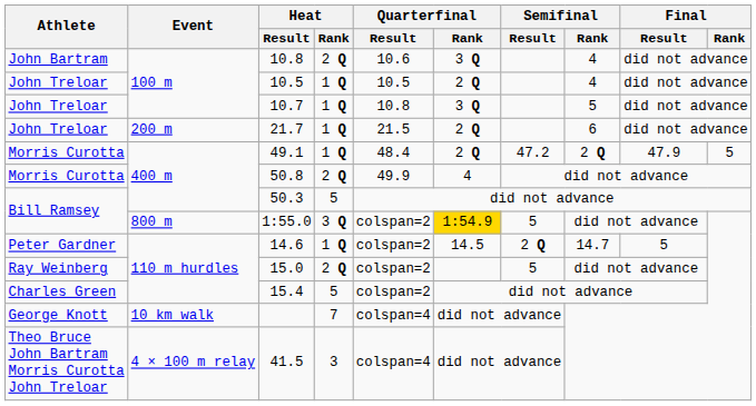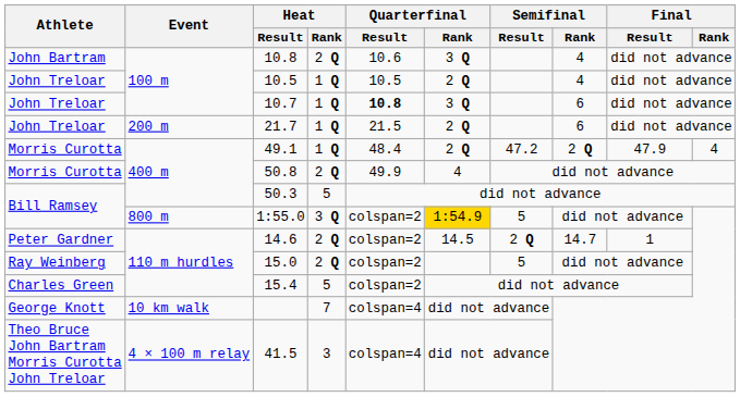 <table class="wikitable" style="font-size:90%">
 <tr>
 <th rowspan=2>Athlete</th>
 <th rowspan=2>Event</th>
 <th colspan=2>Heat</th>
 <th colspan=2>Quarterfinal</th>
 <th colspan=2>Semifinal</th>
 <th colspan=2>Final</th>
 </tr>
 <tr style="font-size:95%">
 <th>Result</th>
 <th>Rank</th>
 <th>Result</th>
 <th>Rank</th>
 <th>Result</th>
 <th>Rank</th>
 <th>Result</th>
 <th>Rank</th>
 </tr>
 <tr align=center>
 <td align=left><a href='#'>John Bartram</a></td>
 <td align=left rowspan=3><a href='#'>100 m</a></td>
 <td>10.8</td>
 <td>2 <strong>Q</strong></td>
 <td>10.6</td>
 <td>3 <strong>Q</strong></td>
 <td></td>
 <td>4</td>
 <td colspan=2>did not advance</td>
 </tr>
 <tr align=center>
 <td align=left><a href='#'>John Treloar</a></td>
 <td>10.5</td>
 <td>1 <strong>Q</strong></td>
 <td>10.5</td>
 <td>2 <strong>Q</strong></td>
 <td></td>
 <td>4</td>
 <td colspan=2>did not advance</td>
 </tr>
 <tr align=center>
 <td align=left><a href='#'>John Treloar</a></td>
 <td>10.7</td>
 <td>1 <strong>Q</strong></td>
-<td>10.8</td>
+<td><strong>10.8</strong></td>
 <td>3 <strong>Q</strong></td>
 <td></td>
-<td>5</td>
+<td>6</td>
 <td colspan=2>did not advance</td>
 </tr>
 <tr align=center>
 <td align=left><a href='#'>John Treloar</a></td>
 <td align=left><a href='#'>200 m</a></td>
 <td>21.7</td>
 <td>1 <strong>Q</strong></td>
 <td>21.5</td>
 <td>2 <strong>Q</strong></td>
 <td></td>
 <td>6</td>
 <td colspan=2>did not advance</td>
 </tr>
 <tr align=center>
 <td align=left><a href='#'>Morris Curotta</a></td>
 <td align=left rowspan=3><a href='#'>400 m</a></td>
 <td>49.1</td>
 <td>1 <strong>Q</strong></td>
 <td>48.4</td>
 <td>2 <strong>Q</strong></td>
 <td>47.2</td>
 <td>2 <strong>Q</strong></td>
 <td>47.9</td>
-<td>5</td>
+<td>4</td>
 </tr>
 <tr align=center>
 <td align=left><a href='#'>Morris Curotta</a></td>
 <td>50.8</td>
 <td>2 <strong>Q</strong></td>
 <td>49.9</td>
 <td>4</td>
 <td colspan=4>did not advance</td>
 </tr>
 <tr align=center>
 <td align=left rowspan=2><a href='#'>Bill Ramsey</a></td>
 <td>50.3</td>
 <td>5</td>
 <td colspan=6>did not advance</td>
 </tr>
 <tr align=center>
 <td align=left><a href='#'>800 m</a></td>
 <td>1:55.0</td>
 <td>3 <strong>Q</strong></td>
 <td>colspan=2 </td>
 <td style="background: gold;">1:54.9</td>
 <td>5</td>
 <td colspan=2>did not advance</td>
 </tr>
 <tr align=center>
 <td align=left><a href='#'>Peter Gardner</a></td>
 <td align=left rowspan=3><a href='#'>110 m hurdles</a></td>
 <td>14.6</td>
-<td>1 <strong>Q</strong></td>
+<td>2 <strong>Q</strong></td>
 <td>colspan=2 </td>
 <td>14.5</td>
 <td>2 <strong>Q</strong></td>
 <td>14.7</td>
-<td>5</td>
+<td>1</td>
 </tr>
 <tr align=center>
 <td align=left><a href='#'>Ray Weinberg</a></td>
 <td>15.0</td>
 <td>2 <strong>Q</strong></td>
 <td>colspan=2 </td>
 <td></td>
 <td>5</td>
 <td colspan=2>did not advance</td>
 </tr>
 <tr align=center>
 <td align=left><a href='#'>Charles Green</a></td>
 <td>15.4</td>
 <td>5</td>
 <td>colspan=2 </td>
 <td colspan=4>did not advance</td>
 </tr>
 <tr align=center>
 <td align=left><a href='#'>George Knott</a></td>
 <td align=left><a href='#'>10 km walk</a></td>
 <td></td>
 <td>7</td>
 <td>colspan=4 </td>
 <td colspan=2>did not advance</td>
 </tr>
 <tr align=center>
 <td align=left><a href='#'>Theo Bruce</a><br><a href='#'>John Bartram</a><br><a href='#'>Morris Curotta</a><br><a href='#'>John Treloar</a></td>
 <td align=left><a href='#'>4 × 100 m relay</a></td>
 <td>41.5</td>
 <td>3</td>
 <td>colspan=4 </td>
 <td colspan=2>did not advance</td>
 </tr>
 </table>
